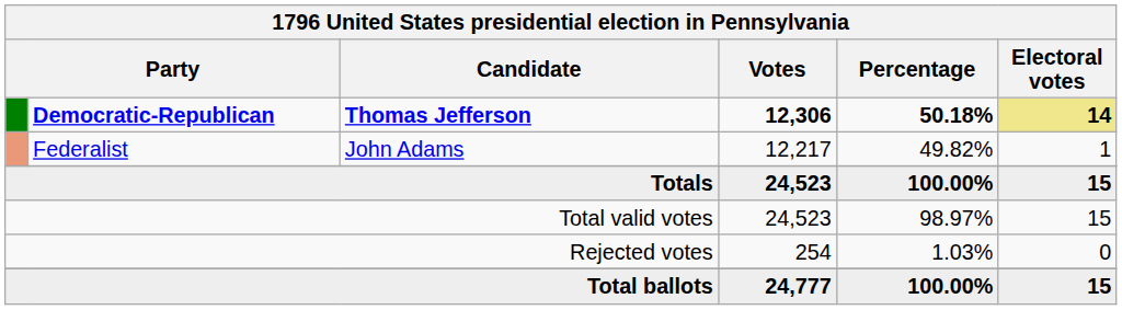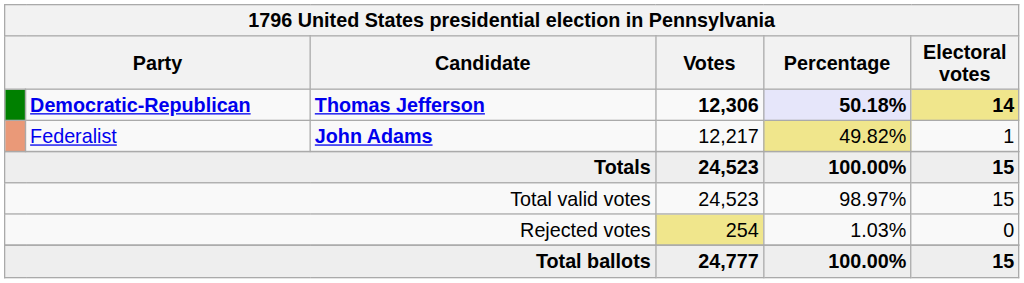 <table class="wikitable" style="font-size: 95%;">
 <tr>
 <th colspan="6">1796 United States presidential election in Pennsylvania</th>
 </tr>
 <tr>
 <th colspan="2" style="width: 15em">Party</th>
 <th style="width: 17em">Candidate</th>
 <th style="width: 5em">Votes</th>
 <th style="width: 7em">Percentage</th>
 <th style="width: 5em">Electoral votes</th>
 </tr>
 <tr>
 <th style="background-color:#008000; width: 3px"></th>
 <td style="width: 130px"><strong><a href='#'>Democratic-Republican</a></strong></td>
 <td><strong><a href='#'>Thomas Jefferson</a></strong></td>
 <td align="right"><strong>12,306</strong></td>
-<td align="right"><strong>50.18%</strong></td>
+<td align="right" style="background: lavender;"><strong>50.18%</strong></td>
 <td align="right" style="background: khaki;"><strong>14</strong></td>
 </tr>
 <tr>
 <th style="background-color:#EA9978; width: 3px"></th>
 <td style="width: 130px"><a href='#'>Federalist</a></td>
-<td><a href='#'>John Adams</a></td>
+<td><strong><a href='#'>John Adams</a></strong></td>
 <td align="right">12,217</td>
-<td align="right">49.82%</td>
+<td align="right" style="background: khaki;">49.82%</td>
 <td align="right">1</td>
 </tr>
 <tr>
 </tr>
 <tr bgcolor="#EEEEEE">
 <td colspan="3" align="right"><strong>Totals</strong></td>
 <td align="right"><strong>24,523</strong></td>
 <td align="right"><strong>100.00%</strong></td>
 <td align="right"><strong>15</strong></td>
 </tr>
 <tr>
 <td ! colspan="3" style="text-align:right;">Total valid votes</td>
 <td style="text-align:right;">24,523</td>
 <td style="text-align:right;">98.97%</td>
 <td style="text-align: right; margin-right: 0.5em">15</td>
 </tr>
 <tr>
 <td ! colspan="3" style="text-align: right; margin-right: 0.5em">Rejected votes</td>
-<td ! style="text-align: right; margin-right: 0.5em">254</td>
+<td ! style="background: khaki; text-align: right; margin-right: 0.5em">254</td>
 <td style="text-align: right; margin-right: 0.5em">1.03%</td>
 <td style="text-align: right; margin-right: 0.5em">0</td>
 </tr>
 <tr>
 </tr>
 <tr bgcolor="#EEEEEE">
 <td ! colspan="3" style="text-align: right; margin-right: 0.5em"><strong>Total ballots</strong></td>
 <td style="text-align: right; margin-right: 0.5em"><strong>24,777</strong></td>
 <td style="text-align: right; margin-right: 0.5em"><strong>100.00%</strong></td>
 <td style="text-align: right; margin-right: 0.5em"><strong>15</strong></td>
 </tr>
 </table>
